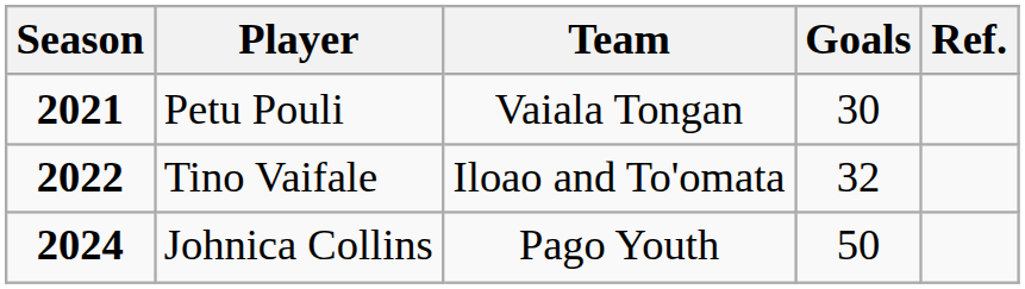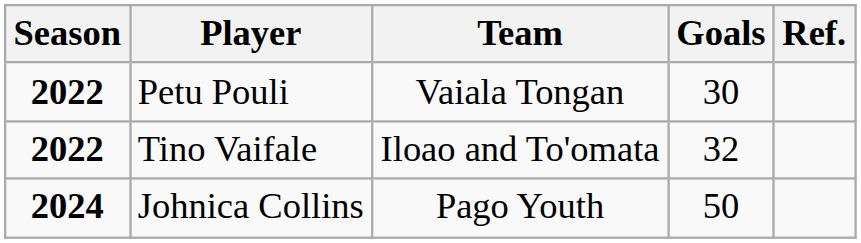 <table class="wikitable" style="text-align:center">
 <tr>
 <th>Season</th>
 <th>Player</th>
 <th>Team</th>
 <th>Goals</th>
 <th>Ref.</th>
 </tr>
 <tr>
-<td><strong>2021</strong></td>
+<td><strong>2022</strong></td>
 <td align=left> Petu Pouli</td>
 <td>Vaiala Tongan</td>
 <td>30</td>
 <td></td>
 </tr>
 <tr>
 <td><strong>2022</strong></td>
 <td align=left> Tino Vaifale</td>
 <td>Iloao and To'omata</td>
 <td>32</td>
 <td></td>
 </tr>
 <tr>
 <td><strong>2024</strong></td>
 <td align=left> Johnica Collins</td>
 <td>Pago Youth</td>
 <td>50</td>
 <td></td>
 </tr>
 </table>
